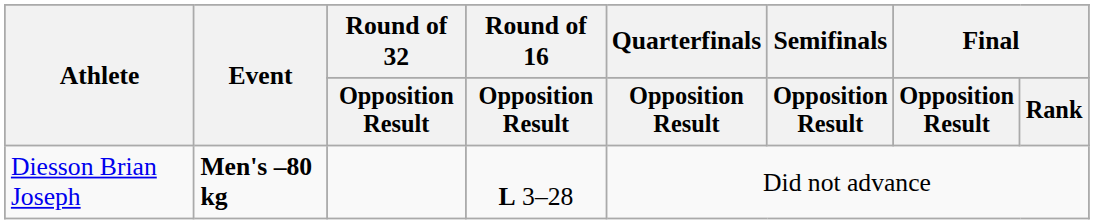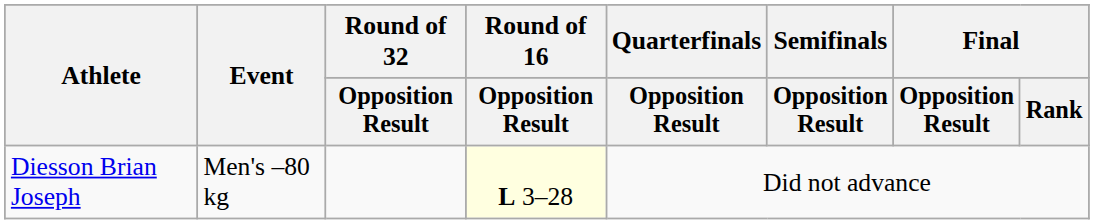 <table class="wikitable" style="text-align:left; font-size:90%">
 <tr>
 <th rowspan="2">Athlete</th>
 <th rowspan="2">Event</th>
 <th>Round of 32</th>
 <th>Round of 16</th>
 <th>Quarterfinals</th>
 <th>Semifinals</th>
 <th colspan=2>Final</th>
 </tr>
 <tr style="font-size: 95%">
 <th>Opposition<br>Result</th>
 <th>Opposition<br>Result</th>
 <th>Opposition<br>Result</th>
 <th>Opposition<br>Result</th>
 <th>Opposition<br>Result</th>
 <th>Rank</th>
 </tr>
 <tr align=center>
 <td align=left><a href='#'>Diesson Brian Joseph</a></td>
-<td align=left><strong>Men's –80 kg</strong></td>
+<td align=left>Men's –80 kg</td>
 <td></td>
-<td><br><strong>L</strong> 3–28</td>
+<td style="background: lightyellow;"><br><strong>L</strong> 3–28</td>
 <td colspan=4>Did not advance</td>
 </tr>
 </table>
